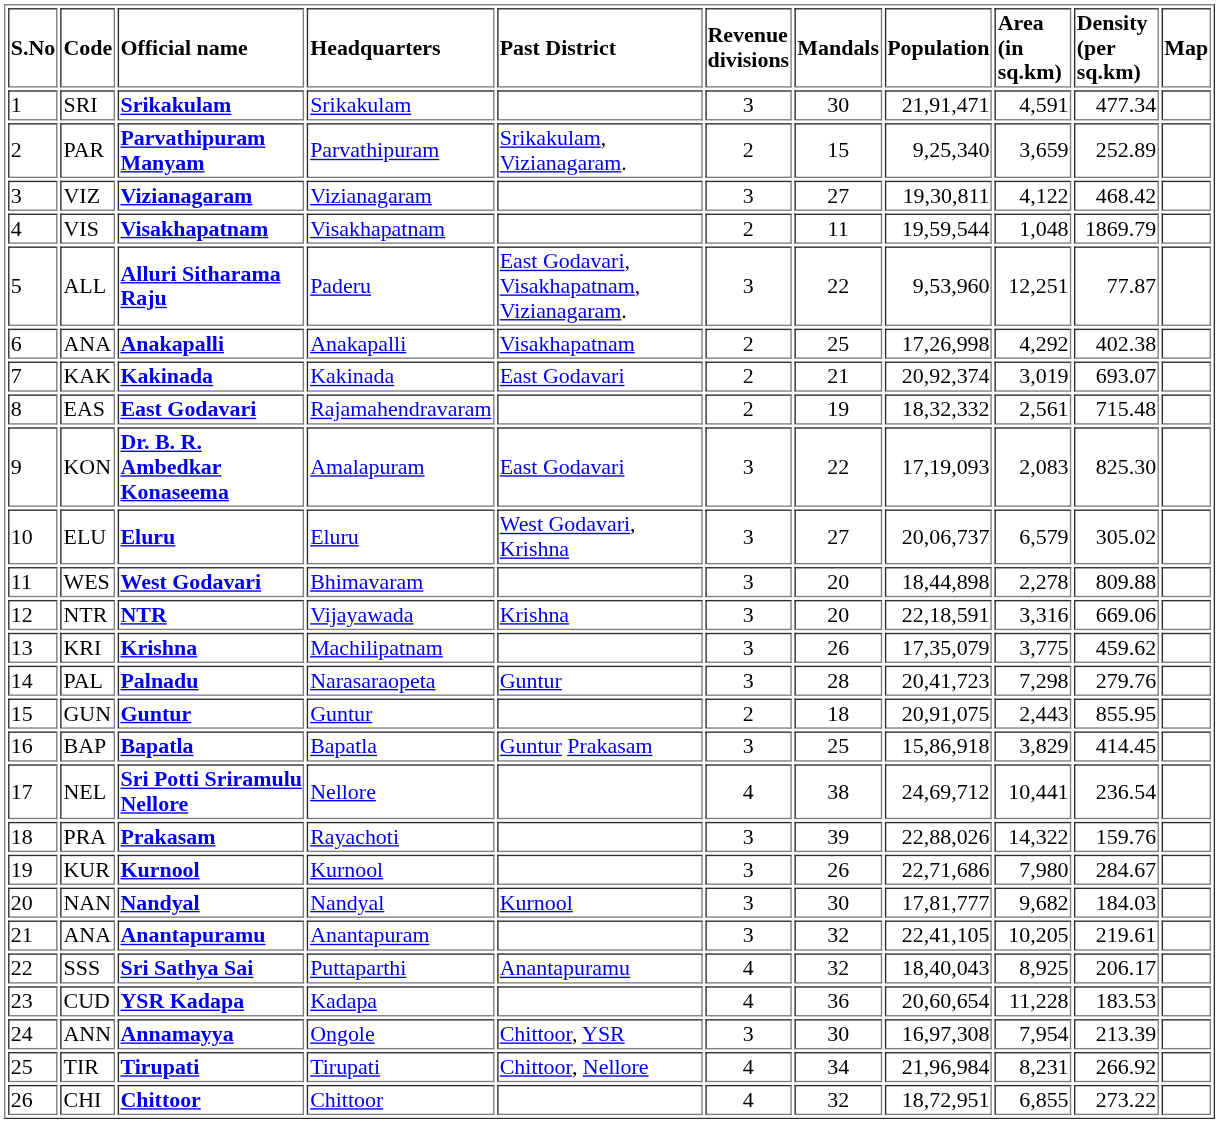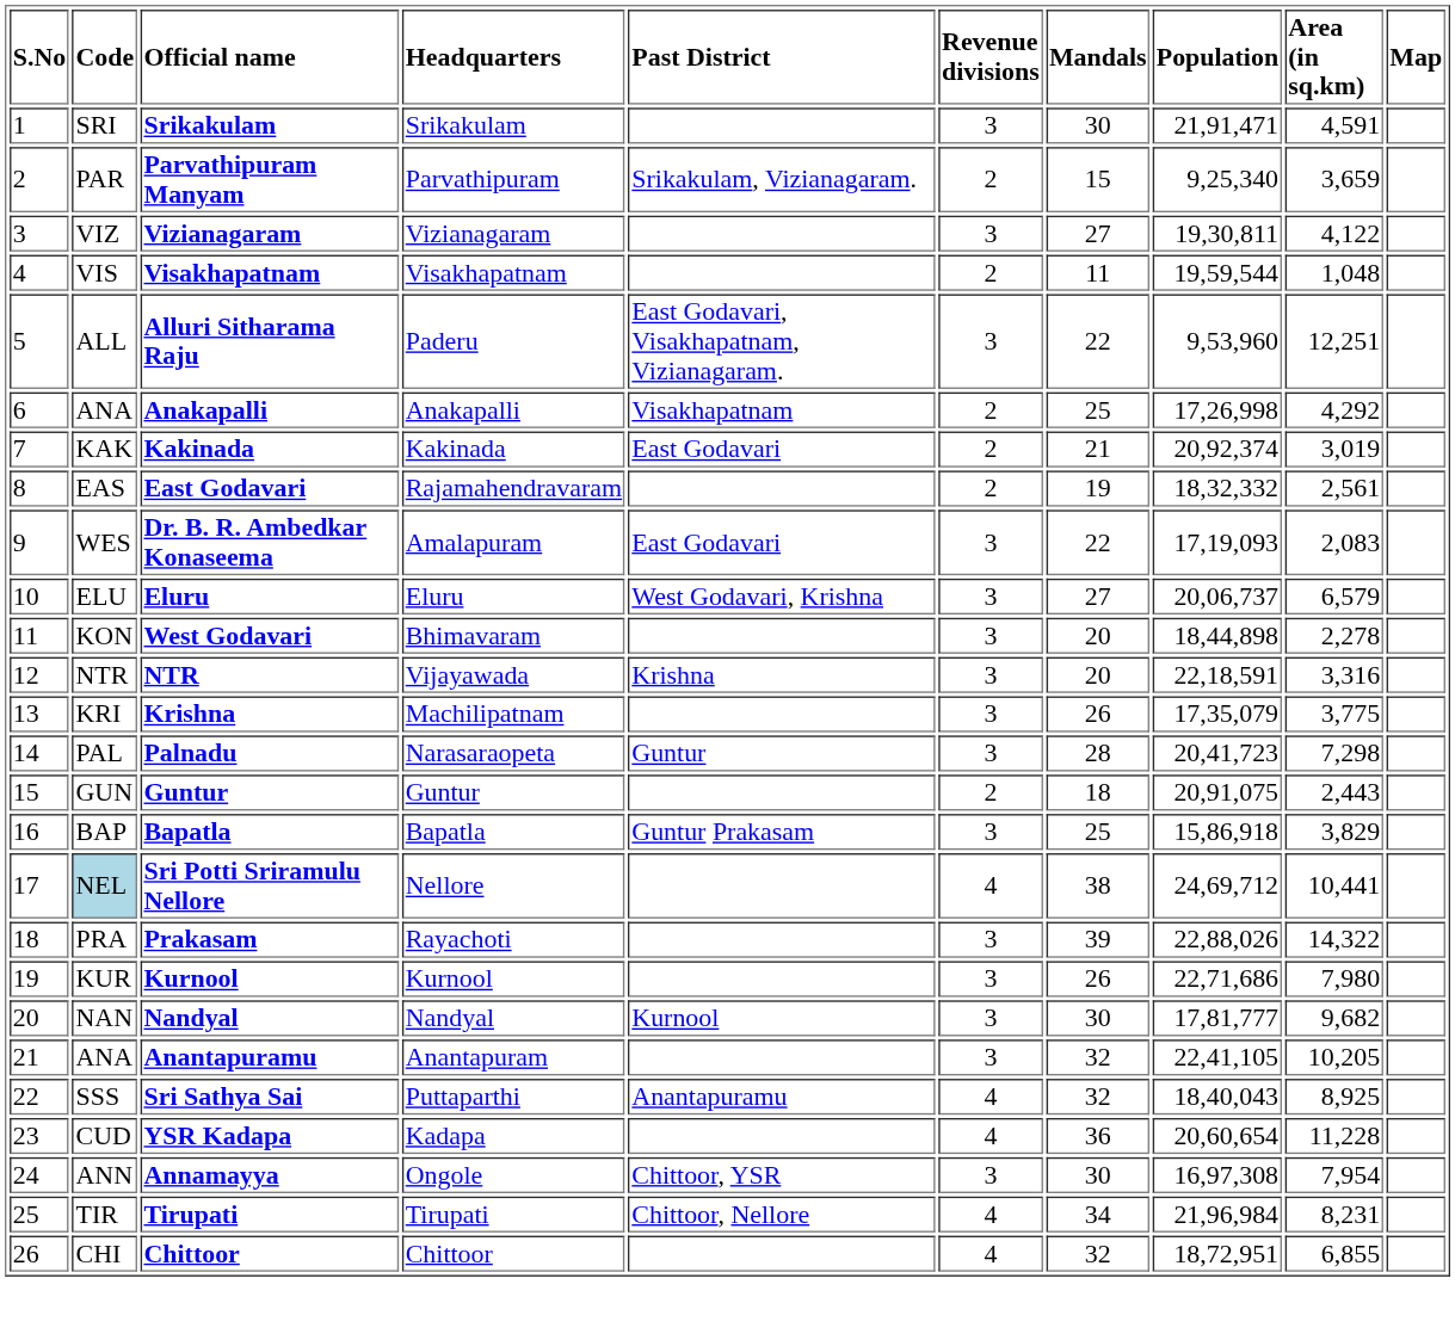 <table class="sortable" style="text-align:left" border="1" width="100%">
 <tr>
 <th scope="col">S.No</th>
 <th scope="col">Code</th>
 <th scope="col">Official name</th>
 <th scope="col">Headquarters</th>
 <th scope="col">Past District</th>
 <th scope="col">Revenue<br>divisions</th>
 <th scope="col">Mandals</th>
 <th scope="col" data-sort-type="number">Population</th>
 <th scope="col" data-sort-type="number">Area<br>(in sq.km)</th>
-<th scope="col" data-sort-type="number">Density<br>(per sq.km)</th>
 <th scope="col">Map</th>
 </tr>
 <tr>
 <td>1</td>
 <td>SRI</td>
 <th scope="row"><a href='#'>Srikakulam</a></th>
 <td><a href='#'>Srikakulam</a></td>
 <td></td>
 <td style="text-align:center;">3</td>
 <td style="text-align:center;">30</td>
 <td style="text-align:right;">21,91,471</td>
 <td style="text-align:right;">4,591</td>
-<td style="text-align:right;">477.34</td>
 <td style="image-align:center;"></td>
 </tr>
 <tr>
 <td>2</td>
 <td>PAR</td>
 <th scope="row"><a href='#'>Parvathipuram Manyam</a></th>
 <td><a href='#'>Parvathipuram</a></td>
 <td><a href='#'>Srikakulam</a>, <a href='#'>Vizianagaram</a>.</td>
 <td style="text-align:center;">2</td>
 <td style="text-align:center;">15</td>
 <td style="text-align:right;">9,25,340</td>
 <td style="text-align:right;">3,659</td>
-<td style="text-align:right;">252.89</td>
 <td style="image-align:center;"></td>
 </tr>
 <tr>
 <td>3</td>
 <td>VIZ</td>
 <th scope="row"><a href='#'>Vizianagaram</a></th>
 <td><a href='#'>Vizianagaram</a></td>
 <td></td>
 <td style="text-align:center;">3</td>
 <td style="text-align:center;">27</td>
 <td style="text-align:right;">19,30,811</td>
 <td style="text-align:right;">4,122</td>
-<td style="text-align:right;">468.42</td>
 <td style="image-align:center;"></td>
 </tr>
 <tr>
 <td>4</td>
 <td>VIS</td>
 <th scope="row"><a href='#'>Visakhapatnam</a></th>
 <td><a href='#'>Visakhapatnam</a></td>
 <td></td>
 <td style="text-align:center;">2</td>
 <td style="text-align:center;">11</td>
 <td style="text-align:right;">19,59,544</td>
 <td style="text-align:right;">1,048</td>
-<td style="text-align:right;">1869.79</td>
 <td style="image-align:center;"></td>
 </tr>
 <tr>
 <td>5</td>
 <td>ALL</td>
 <th scope="row"><a href='#'>Alluri Sitharama Raju</a></th>
 <td><a href='#'>Paderu</a></td>
 <td><a href='#'>East Godavari</a>, <a href='#'>Visakhapatnam</a>, <a href='#'>Vizianagaram</a>.</td>
 <td style="text-align:center;">3</td>
 <td style="text-align:center;">22</td>
 <td style="text-align:right;">9,53,960</td>
 <td style="text-align:right;">12,251</td>
-<td style="text-align:right;">77.87</td>
 <td style="image-align:center;"></td>
 </tr>
 <tr>
 <td>6</td>
 <td>ANA</td>
 <th scope="row"><a href='#'>Anakapalli</a></th>
 <td><a href='#'>Anakapalli</a></td>
 <td><a href='#'>Visakhapatnam</a></td>
 <td style="text-align:center;">2</td>
 <td style="text-align:center;">25</td>
 <td style="text-align:right;">17,26,998</td>
 <td style="text-align:right;">4,292</td>
-<td style="text-align:right;">402.38</td>
 <td style="image-align:center;"></td>
 </tr>
 <tr>
 <td>7</td>
 <td>KAK</td>
 <th scope="row"><a href='#'>Kakinada</a></th>
 <td><a href='#'>Kakinada</a></td>
 <td><a href='#'> East Godavari</a></td>
 <td style="text-align:center;">2</td>
 <td style="text-align:center;">21</td>
 <td style="text-align:right;">20,92,374</td>
 <td style="text-align:right;">3,019</td>
-<td style="text-align:right;">693.07</td>
 <td style="image-align:center;"></td>
 </tr>
 <tr>
 <td>8</td>
 <td>EAS</td>
 <th scope="row"><a href='#'>East Godavari</a></th>
 <td><a href='#'>Rajamahendravaram</a></td>
 <td></td>
 <td style="text-align:center;">2</td>
 <td style="text-align:center;">19</td>
 <td style="text-align:right;">18,32,332</td>
 <td style="text-align:right;">2,561</td>
-<td style="text-align:right;">715.48</td>
 <td style="image-align:center;"></td>
 </tr>
 <tr>
 <td>9</td>
-<td>KON</td>
+<td>WES</td>
 <th scope="row"><a href='#'>Dr. B. R. Ambedkar Konaseema</a></th>
 <td><a href='#'>Amalapuram</a></td>
 <td><a href='#'> East Godavari</a></td>
 <td style="text-align:center;">3</td>
 <td style="text-align:center;">22</td>
 <td style="text-align:right;">17,19,093</td>
 <td style="text-align:right;">2,083</td>
-<td style="text-align:right;">825.30</td>
 <td style="image-align:center;"></td>
 </tr>
 <tr>
 <td>10</td>
 <td>ELU</td>
 <th scope="row"><a href='#'>Eluru</a></th>
 <td><a href='#'>Eluru</a></td>
 <td><a href='#'> West Godavari</a>, <a href='#'> Krishna</a></td>
 <td style="text-align:center;">3</td>
 <td style="text-align:center;">27</td>
 <td style="text-align:right;">20,06,737</td>
 <td style="text-align:right;">6,579</td>
-<td style="text-align:right;">305.02</td>
 <td style="image-align:center;"></td>
 </tr>
 <tr>
 <td>11</td>
-<td>WES</td>
+<td>KON</td>
 <th scope="row"><a href='#'>West Godavari</a></th>
 <td><a href='#'>Bhimavaram</a></td>
 <td></td>
 <td style="text-align:center;">3</td>
 <td style="text-align:center;">20</td>
 <td style="text-align:right;">18,44,898</td>
 <td style="text-align:right;">2,278</td>
-<td style="text-align:right;">809.88</td>
 <td style="image-align:center;"></td>
 </tr>
 <tr>
 <td>12</td>
 <td>NTR</td>
 <th scope="row"><a href='#'>NTR</a></th>
 <td><a href='#'>Vijayawada</a></td>
 <td><a href='#'> Krishna</a></td>
 <td style="text-align:center;">3</td>
 <td style="text-align:center;">20</td>
 <td style="text-align:right;">22,18,591</td>
 <td style="text-align:right;">3,316</td>
-<td style="text-align:right;">669.06</td>
 <td style="image-align:center;"></td>
 </tr>
 <tr>
 <td>13</td>
 <td>KRI</td>
 <th scope="row"><a href='#'>Krishna</a></th>
 <td><a href='#'>Machilipatnam</a></td>
 <td></td>
 <td style="text-align:center;">3</td>
 <td style="text-align:center;">26</td>
 <td style="text-align:right;">17,35,079</td>
 <td style="text-align:right;">3,775</td>
-<td style="text-align:right;">459.62</td>
 <td style="image-align:center;"></td>
 </tr>
 <tr>
 <td>14</td>
 <td>PAL</td>
 <th scope="row"><a href='#'>Palnadu</a></th>
 <td><a href='#'>Narasaraopeta</a></td>
 <td><a href='#'> Guntur</a></td>
 <td style="text-align:center;">3</td>
 <td style="text-align:center;">28</td>
 <td style="text-align:right;">20,41,723</td>
 <td style="text-align:right;">7,298</td>
-<td style="text-align:right;">279.76</td>
 <td style="image-align:center;"></td>
 </tr>
 <tr>
 <td>15</td>
 <td>GUN</td>
 <th scope="row"><a href='#'>Guntur</a></th>
 <td><a href='#'>Guntur</a></td>
 <td></td>
 <td style="text-align:center;">2</td>
 <td style="text-align:center;">18</td>
 <td style="text-align:right;">20,91,075</td>
 <td style="text-align:right;">2,443</td>
-<td style="text-align:right;">855.95</td>
 <td style="image-align:center;"></td>
 </tr>
 <tr>
 <td>16</td>
 <td>BAP</td>
 <th scope="row"><a href='#'>Bapatla</a></th>
 <td><a href='#'>Bapatla</a></td>
 <td><a href='#'> Guntur</a> <a href='#'> Prakasam</a></td>
 <td style="text-align:center;">3</td>
 <td style="text-align:center;">25</td>
 <td style="text-align:right;">15,86,918</td>
 <td style="text-align:right;">3,829</td>
-<td style="text-align:right;">414.45</td>
 <td style="image-align:center;"></td>
 </tr>
 <tr>
 <td>17</td>
-<td>NEL</td>
+<td style="background: lightblue;">NEL</td>
 <th scope="row"><a href='#'>Sri Potti Sriramulu Nellore</a></th>
 <td><a href='#'>Nellore</a></td>
 <td></td>
 <td style="text-align:center;">4</td>
 <td style="text-align:center;">38</td>
 <td style="text-align:right;">24,69,712</td>
 <td style="text-align:right;">10,441</td>
-<td style="text-align:right;">236.54</td>
 <td style="image-align:center;"></td>
 </tr>
 <tr>
 <td>18</td>
 <td>PRA</td>
 <th scope="row"><a href='#'>Prakasam</a></th>
 <td><a href='#'>Rayachoti</a></td>
 <td></td>
 <td style="text-align:center;">3</td>
 <td style="text-align:center;">39</td>
 <td style="text-align:right;">22,88,026</td>
 <td style="text-align:right;">14,322</td>
-<td style="text-align:right;">159.76</td>
 <td style="image-align:center;"></td>
 </tr>
 <tr>
 <td>19</td>
 <td>KUR</td>
 <th scope="row"><a href='#'>Kurnool</a></th>
 <td><a href='#'>Kurnool</a></td>
 <td></td>
 <td style="text-align:center;">3</td>
 <td style="text-align:center;">26</td>
 <td style="text-align:right;">22,71,686</td>
 <td style="text-align:right;">7,980</td>
-<td style="text-align:right;">284.67</td>
 <td style="image-align:center;"></td>
 </tr>
 <tr>
 <td>20</td>
 <td>NAN</td>
 <th scope="row"><a href='#'>Nandyal</a></th>
 <td><a href='#'>Nandyal</a></td>
 <td><a href='#'> Kurnool</a></td>
 <td style="text-align:center;">3</td>
 <td style="text-align:center;">30</td>
 <td style="text-align:right;">17,81,777</td>
 <td style="text-align:right;">9,682</td>
-<td style="text-align:right;">184.03</td>
 <td style="image-align:center;"></td>
 </tr>
 <tr>
 <td>21</td>
 <td>ANA</td>
 <th scope="row"><a href='#'>Anantapuramu</a></th>
 <td><a href='#'>Anantapuram</a></td>
 <td></td>
 <td style="text-align:center;">3</td>
 <td style="text-align:center;">32</td>
 <td style="text-align:right;">22,41,105</td>
 <td style="text-align:right;">10,205</td>
-<td style="text-align:right;">219.61</td>
 <td style="image-align:center;"></td>
 </tr>
 <tr>
 <td>22</td>
 <td>SSS</td>
 <th scope="row"><a href='#'>Sri Sathya Sai</a></th>
 <td><a href='#'>Puttaparthi</a></td>
 <td><a href='#'>Anantapuramu</a></td>
 <td style="text-align:center;">4</td>
 <td style="text-align:center;">32</td>
 <td style="text-align:right;">18,40,043</td>
 <td style="text-align:right;">8,925</td>
-<td style="text-align:right;">206.17</td>
 <td style="image-align:center;"></td>
 </tr>
 <tr>
 <td>23</td>
 <td>CUD</td>
 <th scope="row"><a href='#'>YSR Kadapa</a></th>
 <td><a href='#'>Kadapa</a></td>
 <td></td>
 <td style="text-align:center;">4</td>
 <td style="text-align:center;">36</td>
 <td style="text-align:right;">20,60,654</td>
 <td style="text-align:right;">11,228</td>
-<td style="text-align:right;">183.53</td>
 <td style="image-align:center;"></td>
 </tr>
 <tr>
 <td>24</td>
 <td>ANN</td>
 <th scope="row"><a href='#'>Annamayya</a></th>
 <td><a href='#'>Ongole</a></td>
 <td><a href='#'>Chittoor</a>, <a href='#'>YSR</a></td>
 <td style="text-align:center;">3</td>
 <td style="text-align:center;">30</td>
 <td style="text-align:right;">16,97,308</td>
 <td style="text-align:right;">7,954</td>
-<td style="text-align:right;">213.39</td>
 <td style="image-align:center;"></td>
 </tr>
 <tr>
 <td>25</td>
 <td>TIR</td>
 <th scope="row"><a href='#'>Tirupati</a></th>
 <td><a href='#'>Tirupati</a></td>
 <td><a href='#'>Chittoor</a>, <a href='#'>Nellore</a></td>
 <td style="text-align:center;">4</td>
 <td style="text-align:center;">34</td>
 <td style="text-align:right;">21,96,984</td>
 <td style="text-align:right;">8,231</td>
-<td style="text-align:right;">266.92</td>
 <td style="image-align:center;"></td>
 </tr>
 <tr>
 <td>26</td>
 <td>CHI</td>
 <th scope="row"><a href='#'>Chittoor</a></th>
 <td><a href='#'>Chittoor</a></td>
 <td></td>
 <td style="text-align:center;">4</td>
 <td style="text-align:center;">32</td>
 <td style="text-align:right;">18,72,951</td>
 <td style="text-align:right;">6,855</td>
-<td style="text-align:right;">273.22</td>
 <td style="image-align:center;"></td>
 </tr>
 </table>
